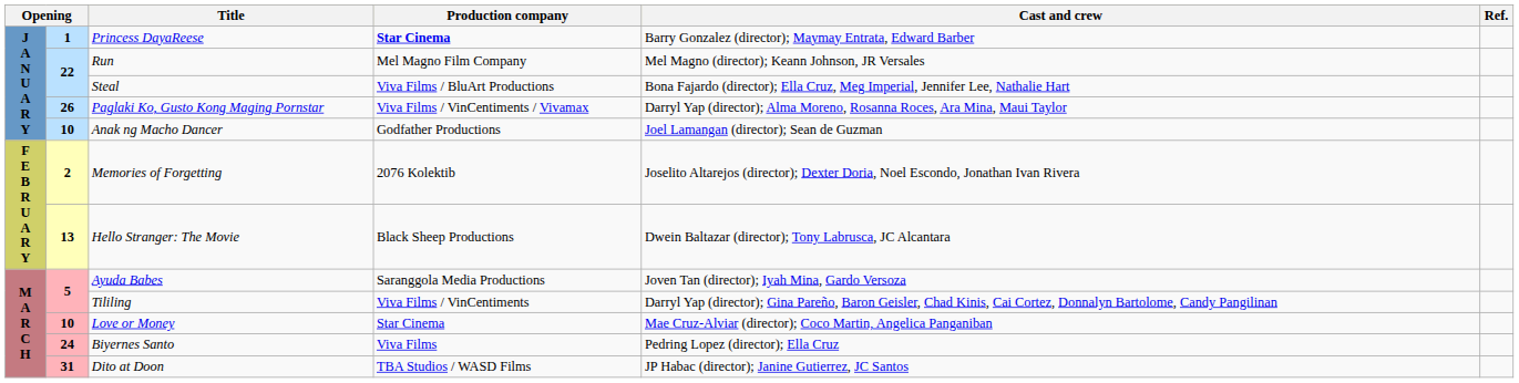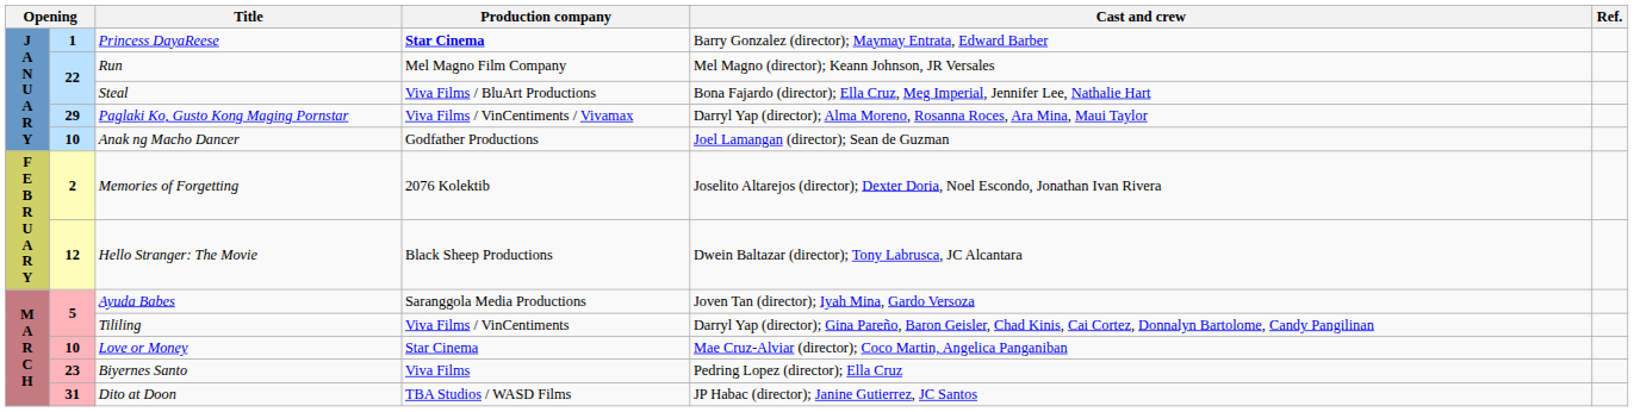 <table class="wikitable sortable">
 <tr style="background:#ffffba; text-align:center;">
 <th colspan="2" style="width:05%">Opening</th>
 <th style="width:17%">Title</th>
 <th style="width:16%">Production company</th>
 <th style="width:50%">Cast and crew</th>
 <th style="width:02%">Ref.</th>
 </tr>
 <tr>
 <th rowspan="5" style="text-align:center; background:#6698c6">J<br>A<br>N<br>U<br>A<br>R<br>Y</th>
 <td style="text-align:center; background:#bae1ff"><strong>1</strong></td>
 <td><em><a href='#'>Princess DayaReese</a></em></td>
 <td><strong><a href='#'>Star Cinema</a></strong></td>
 <td style="text-align:left;">Barry Gonzalez (director); <a href='#'>Maymay Entrata</a>, <a href='#'>Edward Barber</a></td>
 <td></td>
 </tr>
 <tr>
 <td rowspan="2" style="text-align:center; background:#bae1ff"><strong>22</strong></td>
 <td><em>Run</em></td>
 <td>Mel Magno Film Company</td>
 <td>Mel Magno (director); Keann Johnson, JR Versales</td>
 <td></td>
 </tr>
 <tr>
 <td><em>Steal</em></td>
 <td><a href='#'>Viva Films</a> / BluArt Productions</td>
 <td>Bona Fajardo (director); <a href='#'>Ella Cruz</a>, <a href='#'>Meg Imperial</a>, Jennifer Lee, <a href='#'>Nathalie Hart</a></td>
 <td></td>
 </tr>
 <tr>
-<td style="text-align:center; background:#bae1ff"><strong>26</strong></td>
+<td style="text-align:center; background:#bae1ff"><strong>29</strong></td>
 <td><em><a href='#'>Paglaki Ko, Gusto Kong Maging Pornstar</a></em></td>
 <td><a href='#'>Viva Films</a> / VinCentiments / <a href='#'>Vivamax</a></td>
 <td style="text-align:left;">Darryl Yap (director); <a href='#'>Alma Moreno</a>, <a href='#'>Rosanna Roces</a>, <a href='#'>Ara Mina</a>, <a href='#'>Maui Taylor</a></td>
 <td></td>
 </tr>
 <tr>
 <td style="text-align:center; background:#bae1ff"><strong>10</strong></td>
 <td><em>Anak ng Macho Dancer</em></td>
 <td>Godfather Productions</td>
 <td style="text-align:left;"><a href='#'>Joel Lamangan</a> (director); Sean de Guzman</td>
 <td></td>
 </tr>
 <tr>
 <th rowspan="2" style="text-align:center; background:#d0d069">F<br>E<br>B<br>R<br>U<br>A<br>R<br>Y</th>
 <td style="text-align:center; background:#ffffba"><strong>2</strong></td>
 <td><em>Memories of Forgetting</em></td>
 <td>2076 Kolektib</td>
 <td>Joselito Altarejos (director); <a href='#'>Dexter Doria</a>, Noel Escondo, Jonathan Ivan Rivera</td>
 <td></td>
 </tr>
 <tr>
-<td style="text-align:center; background:#ffffba"><strong>13</strong></td>
+<td style="text-align:center; background:#ffffba"><strong>12</strong></td>
 <td><em>Hello Stranger: The Movie</em></td>
 <td>Black Sheep Productions</td>
 <td>Dwein Baltazar (director); <a href='#'>Tony Labrusca</a>, JC Alcantara</td>
 <td></td>
 </tr>
 <tr>
 <th rowspan="5" style="text-align:center; background:#c47a81">M<br>A<br>R<br>C<br>H</th>
 <td rowspan="2" style="text-align:center; background:#ffb3ba"><strong>5</strong></td>
 <td><em><a href='#'>Ayuda Babes</a></em></td>
 <td>Saranggola Media Productions</td>
 <td>Joven Tan (director); <a href='#'>Iyah Mina</a>, <a href='#'>Gardo Versoza</a></td>
 <td></td>
 </tr>
 <tr>
 <td><em>Tililing</em></td>
 <td><a href='#'>Viva Films</a> / VinCentiments</td>
 <td>Darryl Yap (director); <a href='#'>Gina Pareño</a>, <a href='#'>Baron Geisler</a>, <a href='#'>Chad Kinis</a>, <a href='#'>Cai Cortez</a>, <a href='#'>Donnalyn Bartolome</a>, <a href='#'>Candy Pangilinan</a></td>
 <td></td>
 </tr>
 <tr>
 <td style="text-align:center; background:#ffb3ba"><strong>10</strong></td>
 <td><em><a href='#'>Love or Money</a></em></td>
 <td><a href='#'>Star Cinema</a></td>
 <td><a href='#'>Mae Cruz-Alviar</a> (director); <a href='#'>Coco Martin, Angelica Panganiban</a></td>
 <td></td>
 </tr>
 <tr>
-<td style="text-align:center; background:#ffb3ba"><strong>24</strong></td>
+<td style="text-align:center; background:#ffb3ba"><strong>23</strong></td>
 <td><em>Biyernes Santo</em></td>
 <td><a href='#'>Viva Films</a></td>
 <td>Pedring Lopez (director); <a href='#'>Ella Cruz</a></td>
 <td></td>
 </tr>
 <tr>
 <td style="text-align:center; background:#ffb3ba"><strong>31</strong></td>
 <td><em>Dito at Doon</em></td>
 <td><a href='#'>TBA Studios</a> / WASD Films</td>
 <td>JP Habac (director); <a href='#'>Janine Gutierrez</a>, <a href='#'>JC Santos</a></td>
 <td></td>
 </tr>
 </table>
